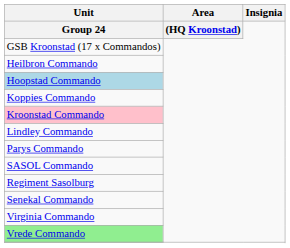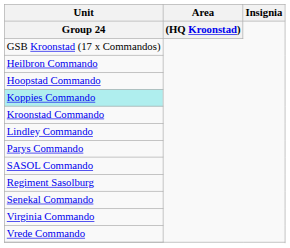 <table class="wikitable">
 <tr>
 <th>Unit</th>
 <th>Area</th>
 <th>Insignia</th>
 </tr>
 <tr>
 <th>Group 24</th>
 <th>(HQ <a href='#'>Kroonstad</a>)</th>
 </tr>
 <tr>
 <td>GSB <a href='#'>Kroonstad</a> (17 x Commandos)</td>
 </tr>
 <tr>
 <td><a href='#'>Heilbron Commando</a></td>
 </tr>
 <tr>
-<td style="background: lightblue;"><a href='#'>Hoopstad Commando</a></td>
+<td><a href='#'>Hoopstad Commando</a></td>
 </tr>
 <tr>
-<td><a href='#'>Koppies Commando</a></td>
+<td style="background: paleturquoise;"><a href='#'>Koppies Commando</a></td>
 </tr>
 <tr>
-<td style="background: pink;"><a href='#'>Kroonstad Commando</a></td>
+<td><a href='#'>Kroonstad Commando</a></td>
 </tr>
 <tr>
 <td><a href='#'>Lindley Commando</a></td>
 </tr>
 <tr>
 <td><a href='#'>Parys Commando</a></td>
 </tr>
 <tr>
 <td><a href='#'>SASOL Commando</a></td>
 </tr>
 <tr>
 <td><a href='#'>Regiment Sasolburg</a></td>
 </tr>
 <tr>
 <td><a href='#'>Senekal Commando</a></td>
 </tr>
 <tr>
 <td><a href='#'>Virginia Commando</a></td>
 </tr>
 <tr>
-<td style="background: lightgreen;"><a href='#'>Vrede Commando</a></td>
+<td><a href='#'>Vrede Commando</a></td>
 </tr>
 <tr>
 </tr>
 </table>
